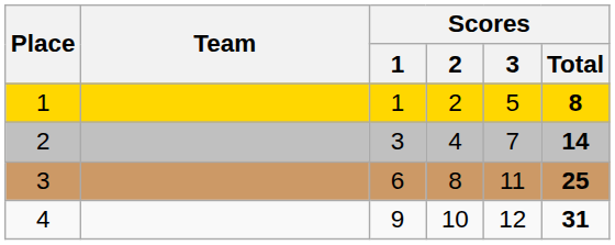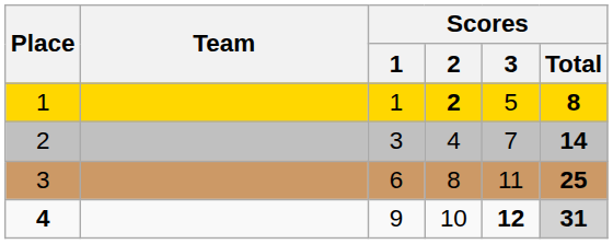 <table class=wikitable style="text-align:center">
 <tr>
 <th width=20 rowspan=2>Place</th>
 <th width=180 rowspan=2>Team</th>
 <th colspan=4>Scores</th>
 </tr>
 <tr>
 <th width=30>1</th>
 <th width=30>2</th>
 <th width=30>3</th>
 <th>Total</th>
 </tr>
 <tr bgcolor=gold>
 <td>1</td>
 <td align=left></td>
 <td>1</td>
-<td>2</td>
+<td><strong>2</strong></td>
 <td>5</td>
 <td><strong>8</strong></td>
 </tr>
 <tr bgcolor=silver>
 <td>2</td>
 <td align=left></td>
 <td>3</td>
 <td>4</td>
 <td>7</td>
 <td><strong>14</strong></td>
 </tr>
 <tr bgcolor=cc9966>
 <td>3</td>
 <td align=left></td>
 <td>6</td>
 <td>8</td>
 <td>11</td>
 <td><strong>25</strong></td>
 </tr>
 <tr>
-<td>4</td>
+<td><strong>4</strong></td>
 <td align=left></td>
 <td>9</td>
 <td>10</td>
-<td>12</td>
-<td><strong>31</strong></td>
+<td><strong>12</strong></td>
+<td style="background: lightgrey;"><strong>31</strong></td>
 </tr>
 </table>
